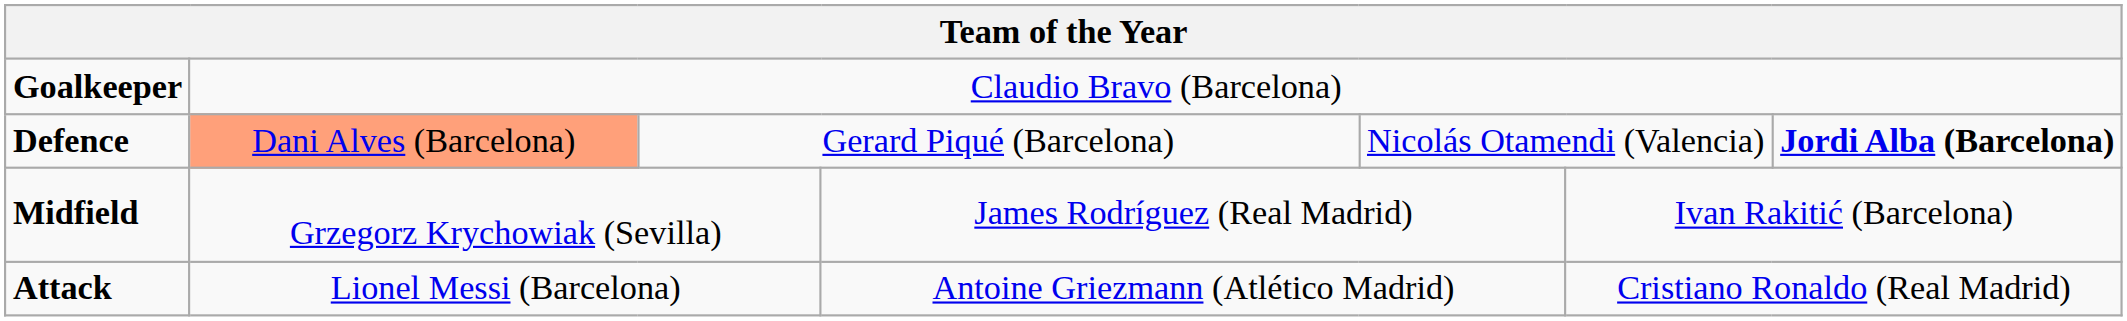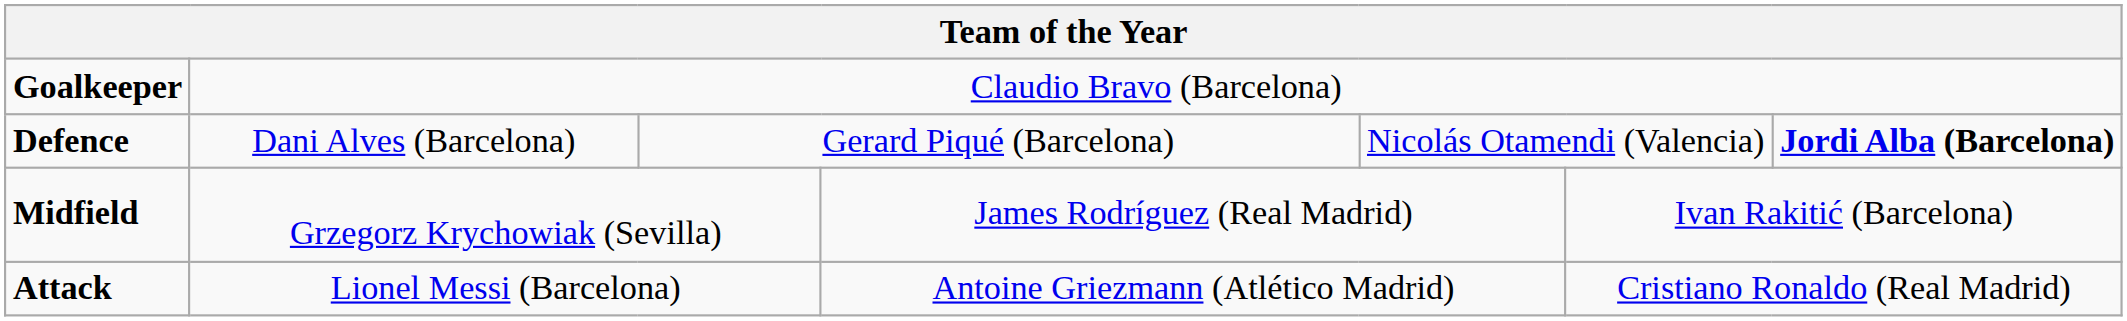 <table class="wikitable">
 <tr>
 <th colspan="7">Team of the Year</th>
 </tr>
 <tr>
 <td><strong>Goalkeeper</strong></td>
 <td colspan="6" align="center"> <a href='#'>Claudio Bravo</a> (Barcelona)</td>
 </tr>
 <tr>
 <td><strong>Defence</strong></td>
-<td align="center" style="background: lightsalmon;"> <a href='#'>Dani Alves</a> (Barcelona)</td>
+<td align="center"> <a href='#'>Dani Alves</a> (Barcelona)</td>
 <td colspan="2" align="center"> <a href='#'>Gerard Piqué</a> (Barcelona)</td>
 <td colspan="2" align="center"> <a href='#'>Nicolás Otamendi</a> (Valencia)</td>
 <td align="center"><strong> <a href='#'>Jordi Alba</a> (Barcelona)</strong></td>
 </tr>
 <tr>
 <td><strong>Midfield</strong></td>
 <td colspan="2" align="center"><br><a href='#'>Grzegorz Krychowiak</a> (Sevilla)</td>
 <td colspan="2" align="center"> <a href='#'>James Rodríguez</a> (Real Madrid)</td>
 <td colspan="2" align="center"> <a href='#'>Ivan Rakitić</a> (Barcelona)</td>
 </tr>
 <tr>
 <td><strong>Attack</strong></td>
 <td colspan="2" align="center"> <a href='#'>Lionel Messi</a> (Barcelona)</td>
 <td colspan="2" align="center"> <a href='#'>Antoine Griezmann</a> (Atlético Madrid)</td>
 <td colspan="2" align="center"> <a href='#'>Cristiano Ronaldo</a> (Real Madrid)</td>
 </tr>
 </table>
